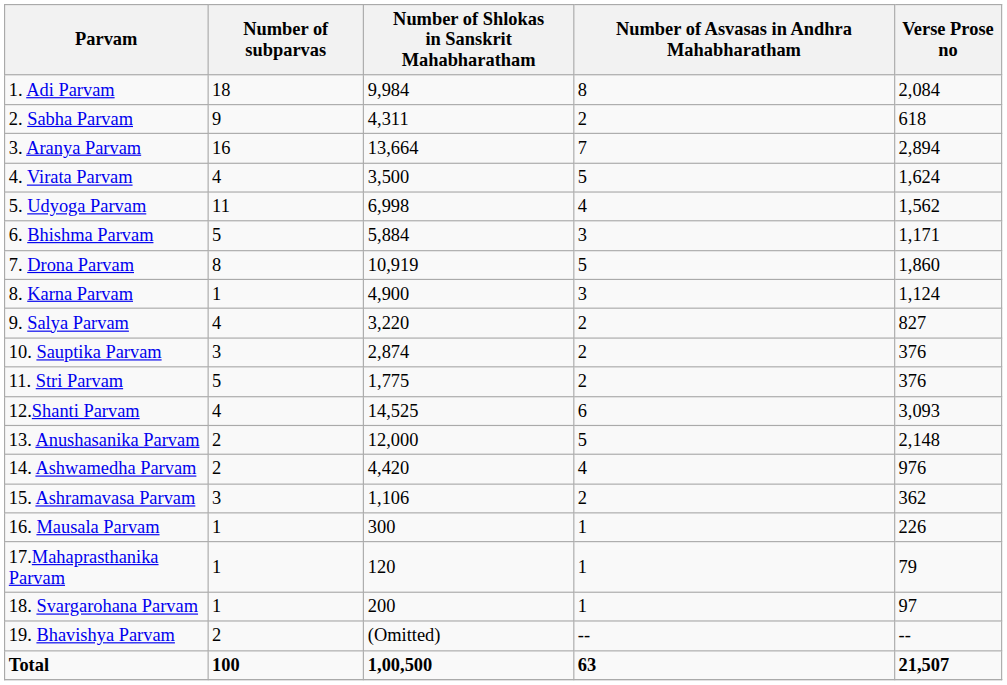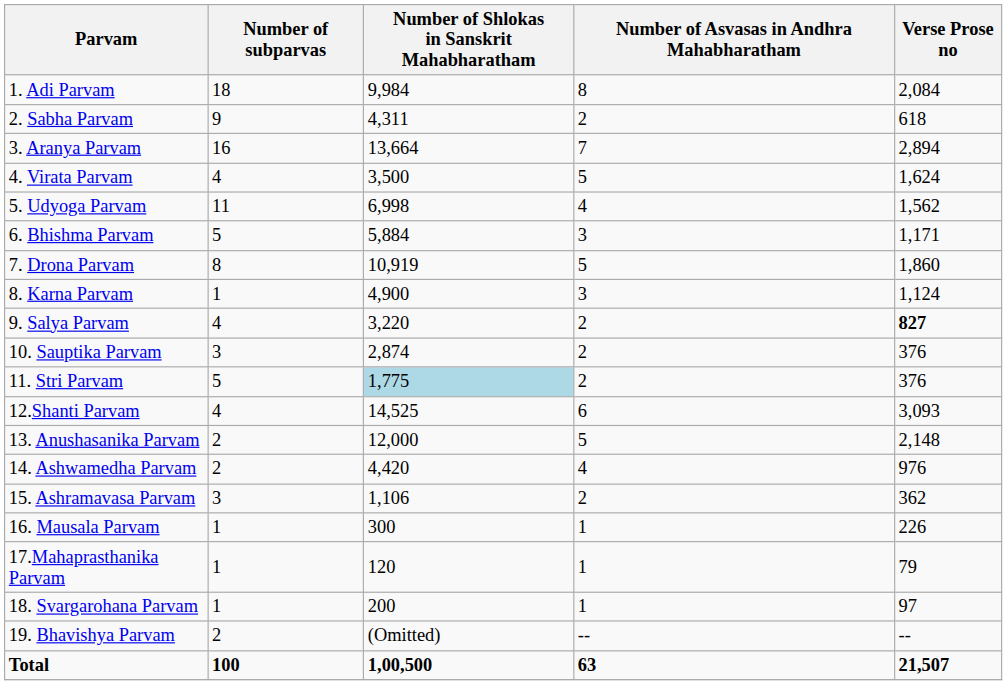 <table class="wikitable">
 <tr>
 <th>Parvam</th>
 <th>Number of subparvas</th>
 <th>Number of Shlokas<br> in Sanskrit Mahabharatham</th>
 <th>Number of Asvasas in Andhra Mahabharatham</th>
 <th>Verse Prose no</th>
 </tr>
 <tr>
 <td>1. <a href='#'>Adi Parvam</a></td>
 <td>18</td>
 <td>9,984</td>
 <td>8</td>
 <td>2,084</td>
 </tr>
 <tr>
 <td>2. <a href='#'>Sabha Parvam</a></td>
 <td>9</td>
 <td>4,311</td>
 <td>2</td>
 <td>618</td>
 </tr>
 <tr>
 <td>3. <a href='#'>Aranya Parvam</a></td>
 <td>16</td>
 <td>13,664</td>
 <td>7</td>
 <td>2,894</td>
 </tr>
 <tr>
 <td>4. <a href='#'>Virata Parvam</a></td>
 <td>4</td>
 <td>3,500</td>
 <td>5</td>
 <td>1,624</td>
 </tr>
 <tr>
 <td>5. <a href='#'>Udyoga Parvam</a></td>
 <td>11</td>
 <td>6,998</td>
 <td>4</td>
 <td>1,562</td>
 </tr>
 <tr>
 <td>6. <a href='#'>Bhishma Parvam</a></td>
 <td>5</td>
 <td>5,884</td>
 <td>3</td>
 <td>1,171</td>
 </tr>
 <tr>
 <td>7. <a href='#'>Drona Parvam</a></td>
 <td>8</td>
 <td>10,919</td>
 <td>5</td>
 <td>1,860</td>
 </tr>
 <tr>
 <td>8. <a href='#'>Karna Parvam</a></td>
 <td>1</td>
 <td>4,900</td>
 <td>3</td>
 <td>1,124</td>
 </tr>
 <tr>
 <td>9. <a href='#'>Salya Parvam</a></td>
 <td>4</td>
 <td>3,220</td>
 <td>2</td>
-<td>827</td>
+<td><strong>827</strong></td>
 </tr>
 <tr>
 <td>10. <a href='#'>Sauptika Parvam</a></td>
 <td>3</td>
 <td>2,874</td>
 <td>2</td>
 <td>376</td>
 </tr>
 <tr>
 <td>11. <a href='#'>Stri Parvam</a></td>
 <td>5</td>
-<td>1,775</td>
+<td style="background: lightblue;">1,775</td>
 <td>2</td>
 <td>376</td>
 </tr>
 <tr>
 <td>12.<a href='#'>Shanti Parvam</a></td>
 <td>4</td>
 <td>14,525</td>
 <td>6</td>
 <td>3,093</td>
 </tr>
 <tr>
 <td>13. <a href='#'>Anushasanika Parvam</a></td>
 <td>2</td>
 <td>12,000</td>
 <td>5</td>
 <td>2,148</td>
 </tr>
 <tr>
 <td>14. <a href='#'>Ashwamedha Parvam</a></td>
 <td>2</td>
 <td>4,420</td>
 <td>4</td>
 <td>976</td>
 </tr>
 <tr>
 <td>15. <a href='#'>Ashramavasa Parvam</a></td>
 <td>3</td>
 <td>1,106</td>
 <td>2</td>
 <td>362</td>
 </tr>
 <tr>
 <td>16. <a href='#'>Mausala Parvam</a></td>
 <td>1</td>
 <td>300</td>
 <td>1</td>
 <td>226</td>
 </tr>
 <tr>
 <td>17.<a href='#'>Mahaprasthanika Parvam</a></td>
 <td>1</td>
 <td>120</td>
 <td>1</td>
 <td>79</td>
 </tr>
 <tr>
 <td>18. <a href='#'>Svargarohana Parvam</a></td>
 <td>1</td>
 <td>200</td>
 <td>1</td>
 <td>97</td>
 </tr>
 <tr>
 <td>19. <a href='#'>Bhavishya Parvam</a></td>
 <td>2</td>
 <td>(Omitted)</td>
 <td>--</td>
 <td>--</td>
 </tr>
 <tr>
 <td><strong>Total</strong></td>
 <td><strong>100</strong></td>
 <td><strong>1,00,500</strong></td>
 <td><strong>63</strong></td>
 <td><strong>21,507</strong></td>
 </tr>
 <tr>
 </tr>
 </table>
